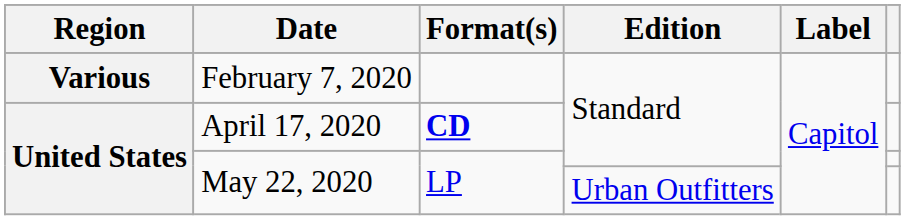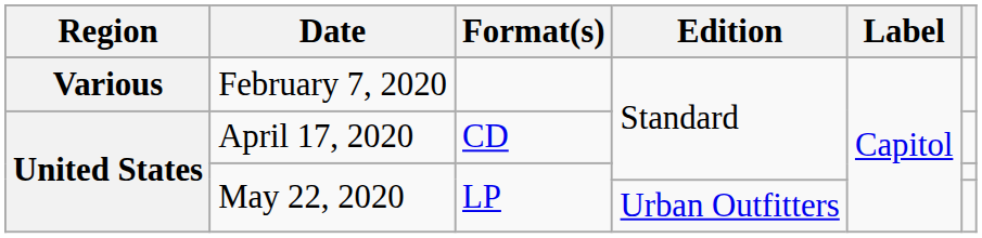 <table class="wikitable plainrowheaders">
 <tr>
 <th scope="col">Region</th>
 <th scope="col">Date</th>
 <th scope="col">Format(s)</th>
 <th scope="col">Edition</th>
 <th scope="col">Label</th>
 <th scope="col"></th>
 </tr>
 <tr>
 <th scope="row">Various</th>
 <td>February 7, 2020</td>
 <td></td>
 <td rowspan="3">Standard</td>
 <td rowspan="4"><a href='#'>Capitol</a></td>
 <td style="text-align:center;"></td>
 </tr>
 <tr>
 <th scope="row" rowspan="3">United States</th>
 <td>April 17, 2020</td>
-<td><strong><a href='#'>CD</a></strong></td>
+<td><a href='#'>CD</a></td>
 <td style="text-align:center;"></td>
 </tr>
 <tr>
 <td rowspan="2">May 22, 2020</td>
 <td rowspan="2"><a href='#'>LP</a></td>
 <td style="text-align:center;"></td>
 </tr>
 <tr>
 <td><a href='#'>Urban Outfitters</a></td>
 <td style="text-align:center;"></td>
 </tr>
 </table>
